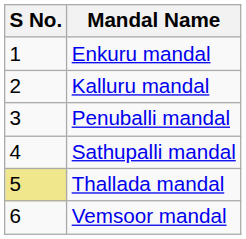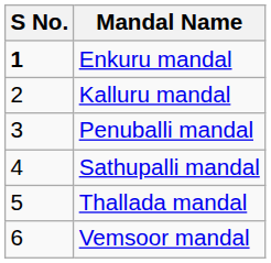 <table class="wikitable">
 <tr>
 <th>S No.</th>
 <th>Mandal Name</th>
 </tr>
 <tr>
-<td>1</td>
+<td><strong>1</strong></td>
 <td><a href='#'>Enkuru mandal</a></td>
 </tr>
 <tr>
 <td>2</td>
 <td><a href='#'>Kalluru mandal</a></td>
 </tr>
 <tr>
 <td>3</td>
 <td><a href='#'>Penuballi mandal</a></td>
 </tr>
 <tr>
 <td>4</td>
 <td><a href='#'>Sathupalli mandal</a></td>
 </tr>
 <tr>
-<td style="background: khaki;">5</td>
+<td>5</td>
 <td><a href='#'>Thallada mandal</a></td>
 </tr>
 <tr>
 <td>6</td>
 <td><a href='#'>Vemsoor mandal</a></td>
 </tr>
 </table>
